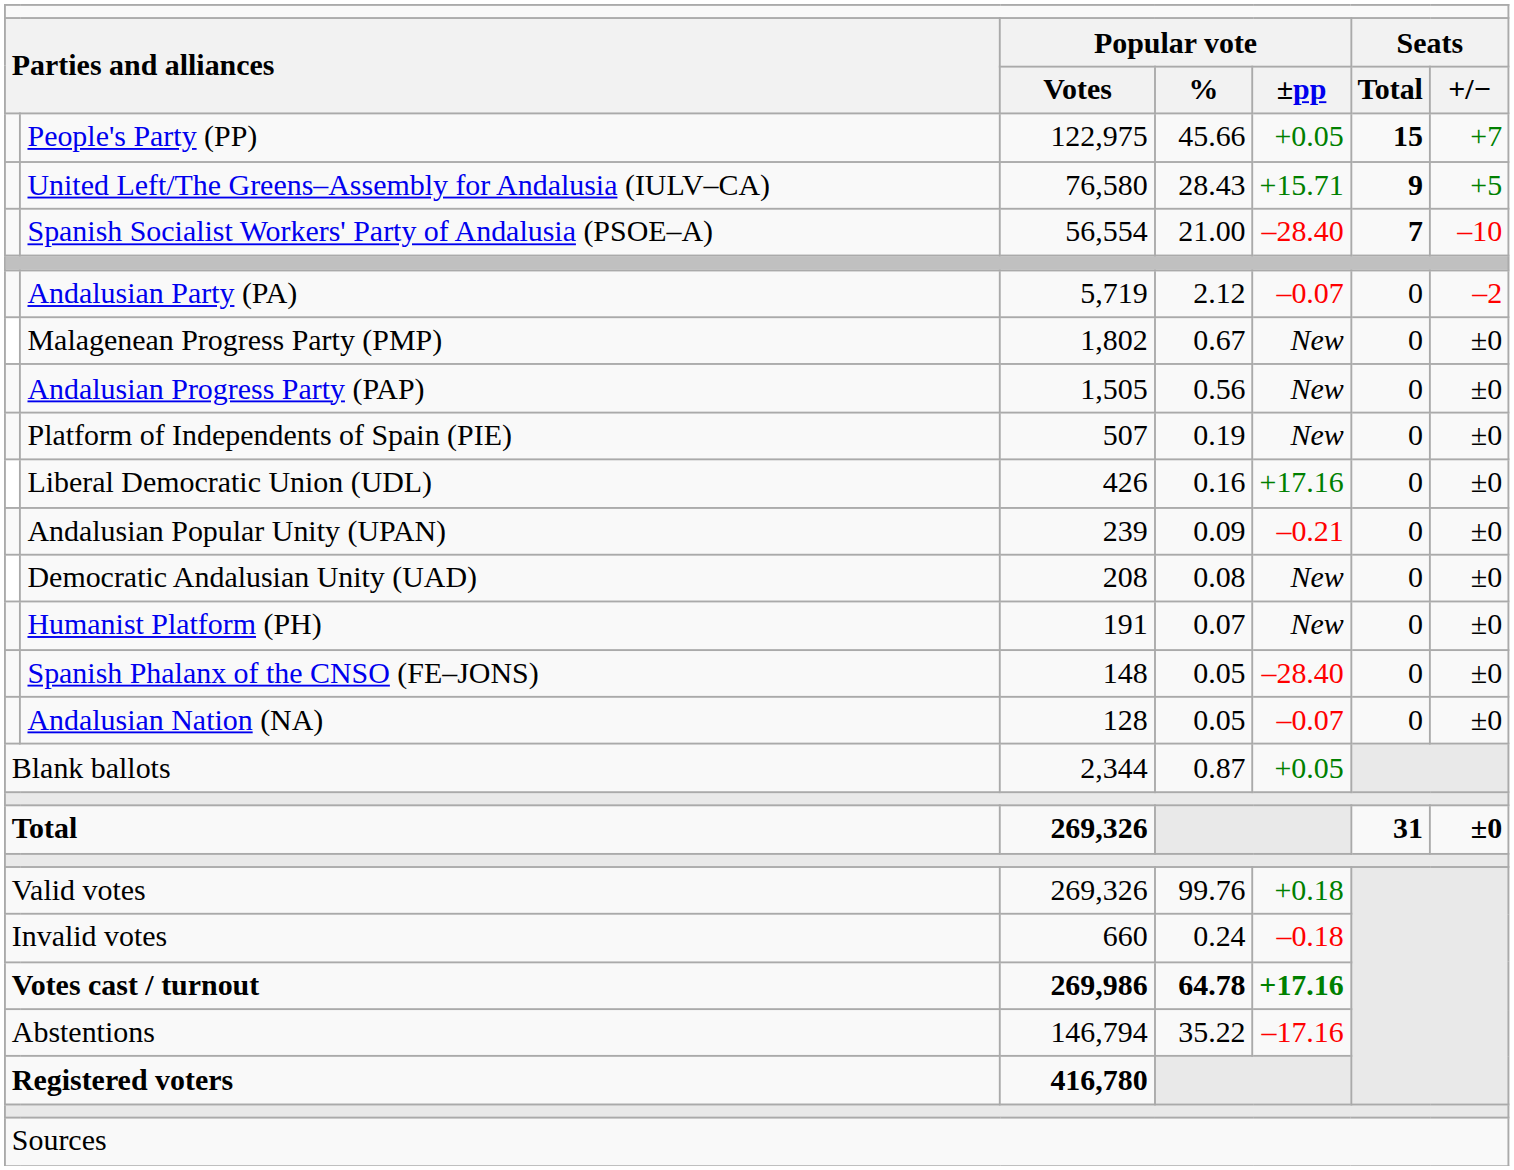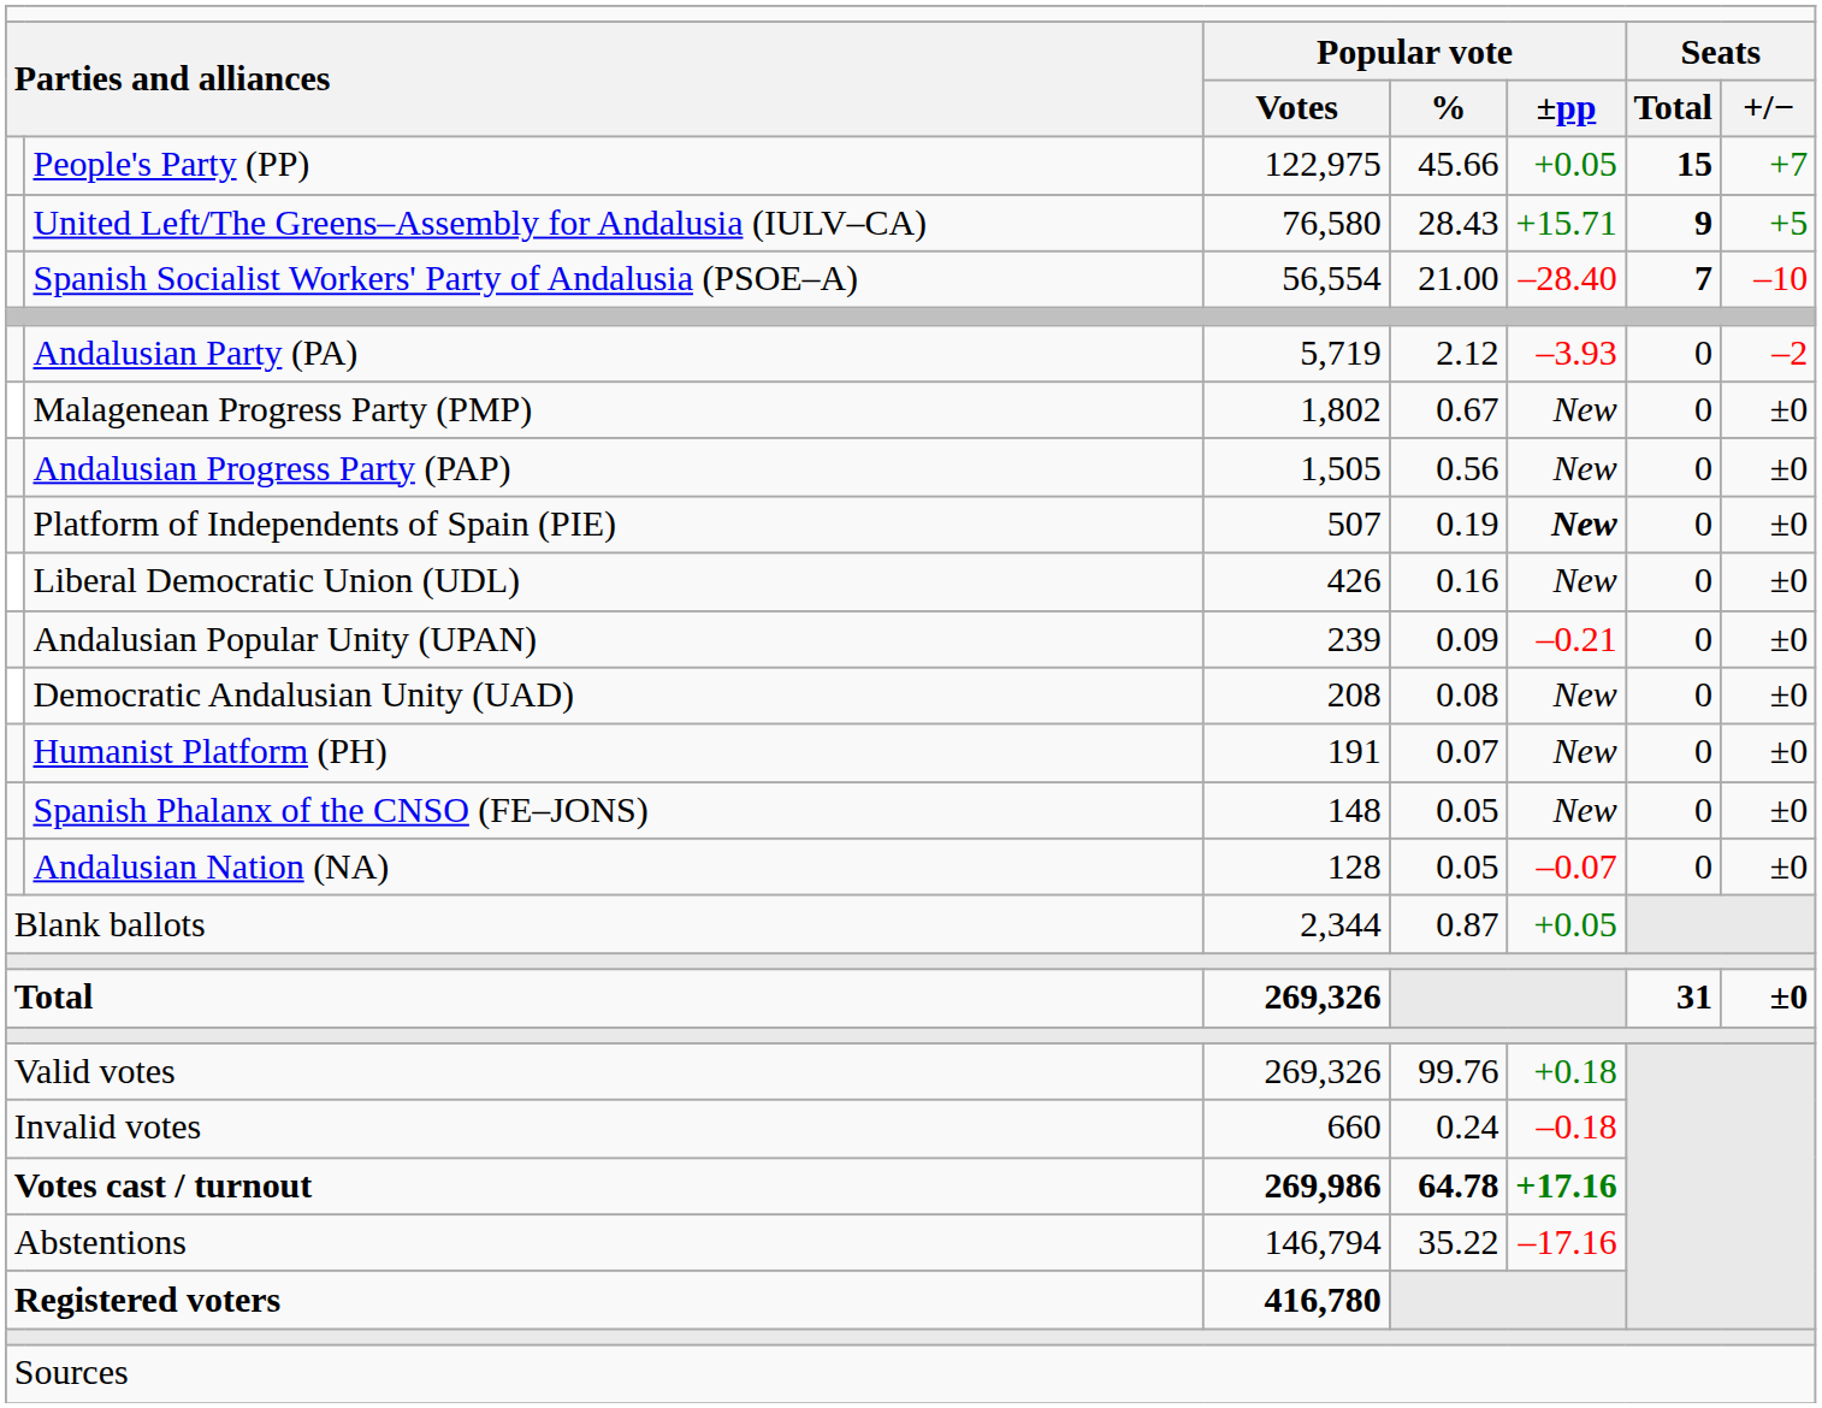 <table class="wikitable" style="text-align:right;">
 <tr>
 <td colspan="7"></td>
 </tr>
 <tr>
 <th style="text-align:left;" rowspan="2" colspan="2" width="525">Parties and alliances</th>
 <th colspan="3">Popular vote</th>
 <th colspan="2">Seats</th>
 </tr>
 <tr>
 <th width="75">Votes</th>
 <th width="45">%</th>
 <th width="45">±<a href='#'>pp</a></th>
 <th width="35">Total</th>
 <th width="35">+/−</th>
 </tr>
 <tr>
 <td width="1" style="color:inherit;background:"></td>
 <td align="left"><a href='#'>People's Party</a> (PP)</td>
 <td>122,975</td>
 <td>45.66</td>
 <td style="color:green;">+0.05</td>
 <td><strong>15</strong></td>
 <td style="color:green;">+7</td>
 </tr>
 <tr>
 <td style="color:inherit;background:"></td>
 <td align="left"><a href='#'>United Left/The Greens–Assembly for Andalusia</a> (IULV–CA)</td>
 <td>76,580</td>
 <td>28.43</td>
 <td style="color:green;">+15.71</td>
 <td><strong>9</strong></td>
 <td style="color:green;">+5</td>
 </tr>
 <tr>
 <td style="color:inherit;background:"></td>
 <td align="left"><a href='#'>Spanish Socialist Workers' Party of Andalusia</a> (PSOE–A)</td>
 <td>56,554</td>
 <td>21.00</td>
 <td style="color:red;">–28.40</td>
 <td><strong>7</strong></td>
 <td style="color:red;">–10</td>
 </tr>
 <tr>
 <td colspan="7" bgcolor="#C0C0C0"></td>
 </tr>
 <tr>
 <td style="color:inherit;background:"></td>
 <td align="left"><a href='#'>Andalusian Party</a> (PA)</td>
 <td>5,719</td>
 <td>2.12</td>
-<td style="color:red;">–0.07</td>
+<td style="color:red;">–3.93</td>
 <td>0</td>
 <td style="color:red;">–2</td>
 </tr>
 <tr>
 <td bgcolor="white"></td>
 <td align="left">Malagenean Progress Party (PMP)</td>
 <td>1,802</td>
 <td>0.67</td>
 <td><em>New</em></td>
 <td>0</td>
 <td>±0</td>
 </tr>
 <tr>
 <td style="color:inherit;background:"></td>
 <td align="left"><a href='#'>Andalusian Progress Party</a> (PAP)</td>
 <td>1,505</td>
 <td>0.56</td>
 <td><em>New</em></td>
 <td>0</td>
 <td>±0</td>
 </tr>
 <tr>
 <td style="color:inherit;background:"></td>
 <td align="left">Platform of Independents of Spain (PIE)</td>
 <td>507</td>
 <td>0.19</td>
-<td><em>New</em></td>
+<td><strong><em>New</em></strong></td>
 <td>0</td>
 <td>±0</td>
 </tr>
 <tr>
 <td bgcolor="white"></td>
 <td align="left">Liberal Democratic Union (UDL)</td>
 <td>426</td>
 <td>0.16</td>
-<td style="color:green;">+17.16</td>
+<td><em>New</em></td>
 <td>0</td>
 <td>±0</td>
 </tr>
 <tr>
 <td style="color:inherit;background:"></td>
 <td align="left">Andalusian Popular Unity (UPAN)</td>
 <td>239</td>
 <td>0.09</td>
 <td style="color:red;">–0.21</td>
 <td>0</td>
 <td>±0</td>
 </tr>
 <tr>
 <td bgcolor="white"></td>
 <td align="left">Democratic Andalusian Unity (UAD)</td>
 <td>208</td>
 <td>0.08</td>
 <td><em>New</em></td>
 <td>0</td>
 <td>±0</td>
 </tr>
 <tr>
 <td style="color:inherit;background:"></td>
 <td align="left"><a href='#'>Humanist Platform</a> (PH)</td>
 <td>191</td>
 <td>0.07</td>
 <td><em>New</em></td>
 <td>0</td>
 <td>±0</td>
 </tr>
 <tr>
 <td style="color:inherit;background:"></td>
 <td align="left"><a href='#'>Spanish Phalanx of the CNSO</a> (FE–JONS)</td>
 <td>148</td>
 <td>0.05</td>
-<td style="color:red;">–28.40</td>
+<td><em>New</em></td>
 <td>0</td>
 <td>±0</td>
 </tr>
 <tr>
 <td style="color:inherit;background:"></td>
 <td align="left"><a href='#'>Andalusian Nation</a> (NA)</td>
 <td>128</td>
 <td>0.05</td>
 <td style="color:red;">–0.07</td>
 <td>0</td>
 <td>±0</td>
 </tr>
 <tr>
 <td align="left" colspan="2">Blank ballots</td>
 <td>2,344</td>
 <td>0.87</td>
 <td style="color:green;">+0.05</td>
 <td bgcolor="#E9E9E9" colspan="2"></td>
 </tr>
 <tr>
 <td colspan="7" bgcolor="#E9E9E9"></td>
 </tr>
 <tr style="font-weight:bold;">
 <td align="left" colspan="2">Total</td>
 <td>269,326</td>
 <td bgcolor="#E9E9E9" colspan="2"></td>
 <td>31</td>
 <td>±0</td>
 </tr>
 <tr>
 <td colspan="7" bgcolor="#E9E9E9"></td>
 </tr>
 <tr>
 <td align="left" colspan="2">Valid votes</td>
 <td>269,326</td>
 <td>99.76</td>
 <td style="color:green;">+0.18</td>
 <td bgcolor="#E9E9E9" colspan="2" rowspan="5"></td>
 </tr>
 <tr>
 <td align="left" colspan="2">Invalid votes</td>
 <td>660</td>
 <td>0.24</td>
 <td style="color:red;">–0.18</td>
 </tr>
 <tr style="font-weight:bold;">
 <td align="left" colspan="2">Votes cast / turnout</td>
 <td>269,986</td>
 <td>64.78</td>
 <td style="color:green;">+17.16</td>
 </tr>
 <tr>
 <td align="left" colspan="2">Abstentions</td>
 <td>146,794</td>
 <td>35.22</td>
 <td style="color:red;">–17.16</td>
 </tr>
 <tr style="font-weight:bold;">
 <td align="left" colspan="2">Registered voters</td>
 <td>416,780</td>
 <td bgcolor="#E9E9E9" colspan="2"></td>
 </tr>
 <tr>
 <td colspan="7" bgcolor="#E9E9E9"></td>
 </tr>
 <tr>
 <td align="left" colspan="7">Sources</td>
 </tr>
 </table>
